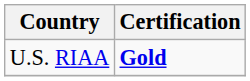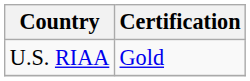 <table class="wikitable">
 <tr>
 <th>Country</th>
 <th>Certification</th>
 </tr>
 <tr>
 <td>U.S. <a href='#'>RIAA</a></td>
-<td><strong><a href='#'>Gold</a></strong></td>
+<td><a href='#'>Gold</a></td>
 </tr>
 <tr>
 </tr>
 </table>
